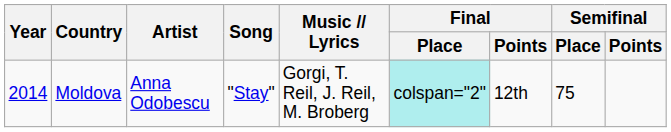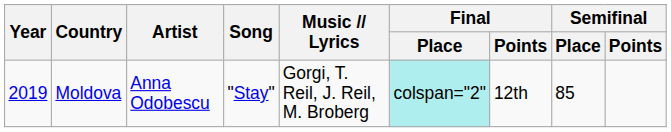 <table class="wikitable">
 <tr>
 <th rowspan="2">Year</th>
 <th rowspan="2">Country</th>
 <th rowspan="2">Artist</th>
 <th rowspan="2">Song</th>
 <th rowspan="2">Music // Lyrics</th>
 <th colspan="2">Final</th>
 <th colspan="2">Semifinal</th>
 </tr>
 <tr>
 <th>Place</th>
 <th>Points</th>
 <th>Place</th>
 <th>Points</th>
 </tr>
 <tr>
-<td><a href='#'>2014</a></td>
+<td><a href='#'>2019</a></td>
 <td> <a href='#'>Moldova</a></td>
 <td><a href='#'>Anna Odobescu</a></td>
 <td>"<a href='#'>Stay</a>"</td>
 <td>Gorgi, T. Reil, J. Reil, M. Broberg</td>
 <td style="background: paleturquoise;">colspan="2" </td>
 <td>12th</td>
-<td>75</td>
+<td>85</td>
 </tr>
 </table>
